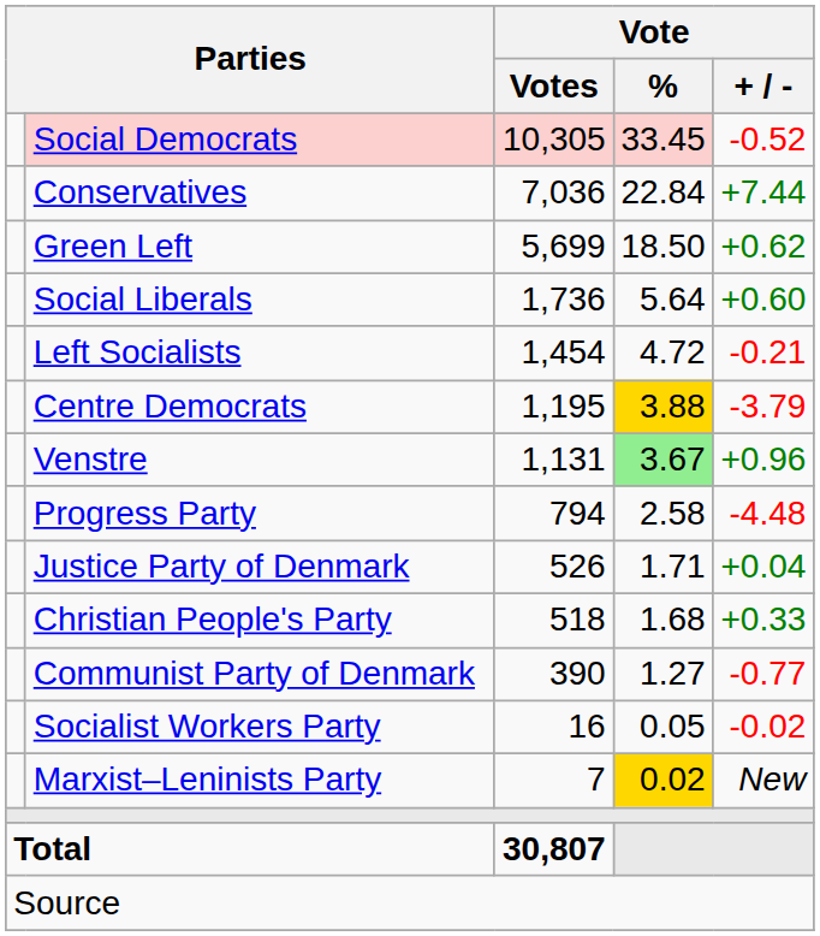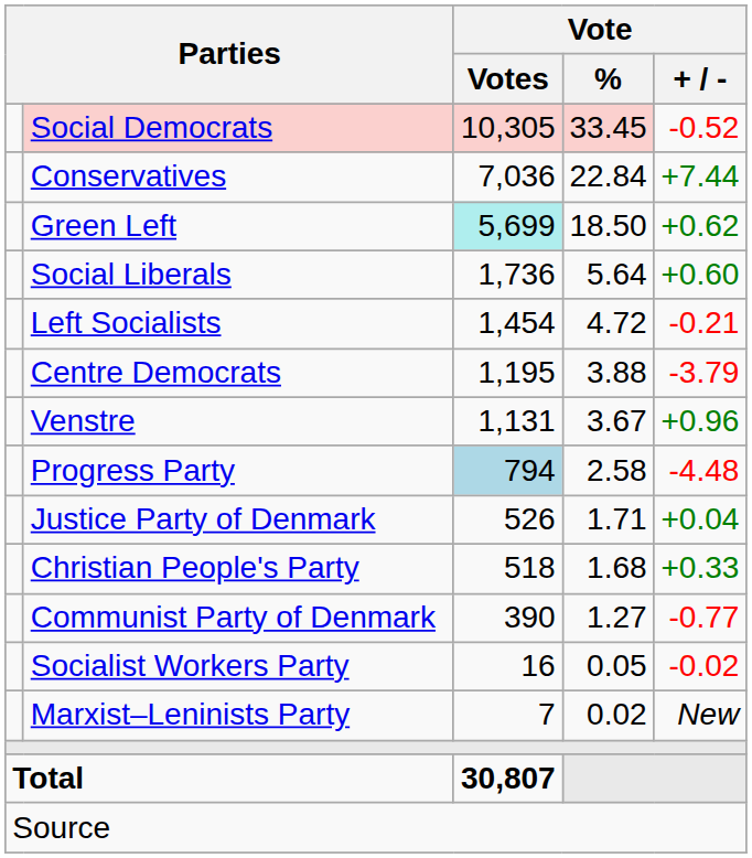 <table class="wikitable" style="text-align:right;">
 <tr>
 <th style="text-align:centre;" rowspan="2" colspan="2" width="225">Parties</th>
 <th colspan="3">Vote</th>
 </tr>
 <tr>
 <th width="15">Votes</th>
 <th width="15">%</th>
 <th width="15">+ / -</th>
 </tr>
 <tr>
 <td width="2" style="color:inherit;background:"></td>
 <td bgcolor=#fbd0ce  align="left"><a href='#'>Social Democrats</a></td>
 <td bgcolor=#fbd0ce>10,305</td>
 <td bgcolor=#fbd0ce>33.45</td>
 <td style=color:red;>-0.52</td>
 </tr>
 <tr>
 <td width="2" style="color:inherit;background:"></td>
 <td align="left"><a href='#'>Conservatives</a></td>
 <td>7,036</td>
 <td>22.84</td>
 <td style=color:green;>+7.44</td>
 </tr>
 <tr>
 <td width="2" style="color:inherit;background:"></td>
 <td align="left"><a href='#'>Green Left</a></td>
-<td>5,699</td>
+<td style="background: paleturquoise;">5,699</td>
 <td>18.50</td>
 <td style=color:green;>+0.62</td>
 </tr>
 <tr>
 <td width="2" style="color:inherit;background:"></td>
 <td align="left"><a href='#'>Social Liberals</a></td>
 <td>1,736</td>
 <td>5.64</td>
 <td style=color:green;>+0.60</td>
 </tr>
 <tr>
 <td width="2" style="color:inherit;background:"></td>
 <td align="left"><a href='#'>Left Socialists</a></td>
 <td>1,454</td>
 <td>4.72</td>
 <td style=color:red;>-0.21</td>
 </tr>
 <tr>
 <td width="2" style="color:inherit;background:"></td>
 <td align="left"><a href='#'>Centre Democrats</a></td>
 <td>1,195</td>
-<td style="background: gold;">3.88</td>
+<td>3.88</td>
 <td style=color:red;>-3.79</td>
 </tr>
 <tr>
 <td width="2" style="color:inherit;background:"></td>
 <td align="left"><a href='#'>Venstre</a></td>
 <td>1,131</td>
-<td style="background: lightgreen;">3.67</td>
+<td>3.67</td>
 <td style=color:green;>+0.96</td>
 </tr>
 <tr>
 <td width="2" style="color:inherit;background:"></td>
 <td align="left"><a href='#'>Progress Party</a></td>
-<td>794</td>
+<td style="background: lightblue;">794</td>
 <td>2.58</td>
 <td style=color:red;>-4.48</td>
 </tr>
 <tr>
 <td width="2" style="color:inherit;background:"></td>
 <td align="left"><a href='#'>Justice Party of Denmark</a></td>
 <td>526</td>
 <td>1.71</td>
 <td style=color:green;>+0.04</td>
 </tr>
 <tr>
 <td width="2" style="color:inherit;background:"></td>
 <td align="left"><a href='#'>Christian People's Party</a></td>
 <td>518</td>
 <td>1.68</td>
 <td style=color:green;>+0.33</td>
 </tr>
 <tr>
 <td width="2" style="color:inherit;background:"></td>
 <td align="left"><a href='#'>Communist Party of Denmark</a></td>
 <td>390</td>
 <td>1.27</td>
 <td style=color:red;>-0.77</td>
 </tr>
 <tr>
 <td width="2" style="color:inherit;background:"></td>
 <td align="left"><a href='#'>Socialist Workers Party</a></td>
 <td>16</td>
 <td>0.05</td>
 <td style=color:red;>-0.02</td>
 </tr>
 <tr>
 <td width="2" style="color:inherit;background:"></td>
 <td align="left"><a href='#'>Marxist–Leninists Party</a></td>
 <td>7</td>
-<td style="background: gold;">0.02</td>
+<td>0.02</td>
 <td><em>New</em></td>
 </tr>
 <tr>
 <td colspan="7" bgcolor="#E9E9E9"></td>
 </tr>
 <tr>
 <td align="left" colspan="2"><strong>Total</strong></td>
 <td><strong>30,807</strong></td>
 <td bgcolor="#E9E9E9" colspan="2"></td>
 </tr>
 <tr>
 <td align="left" colspan="6">Source</td>
 </tr>
 </table>
